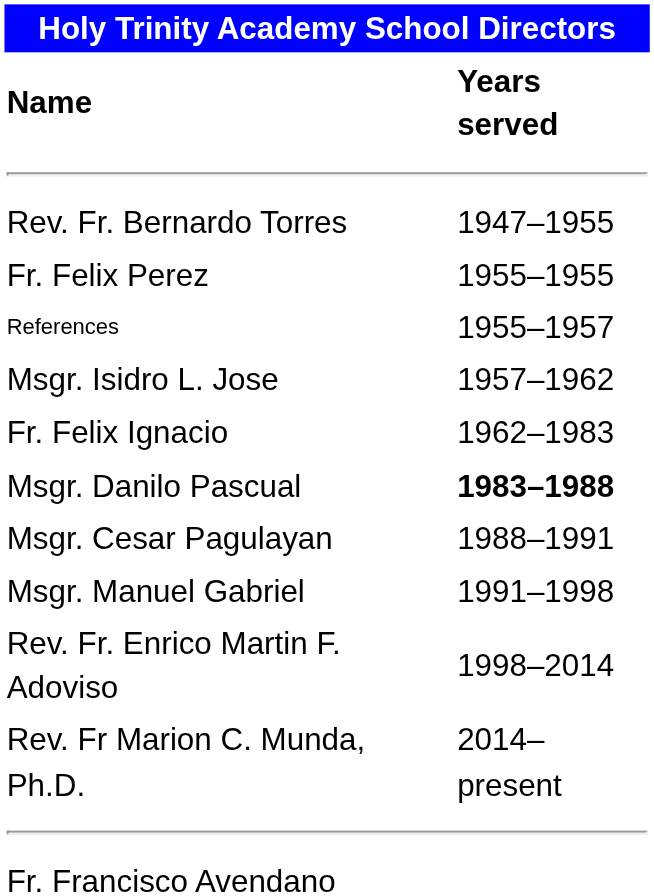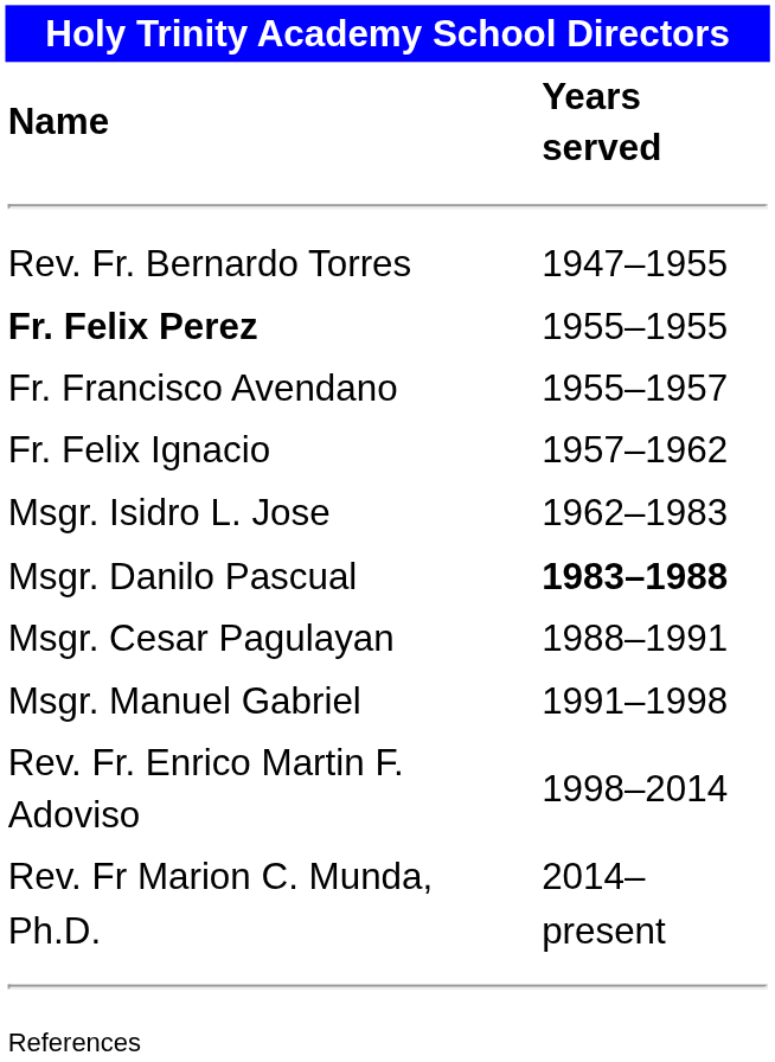 <table class="toccolours" style="float:right; margin-left:1em; font-size:90%; line-height:1.4em; width:300px;">
 <tr>
 <th colspan="2" style="text-align:center; background:blue; color:white;"><strong>Holy Trinity Academy School Directors</strong></th>
 </tr>
 <tr>
 <td><strong>Name</strong></td>
 <td><strong>Years served</strong></td>
 </tr>
 <tr>
 <td colspan="2"><hr></td>
 </tr>
 <tr>
 <td>Rev. Fr. Bernardo Torres</td>
 <td>1947–1955</td>
 </tr>
 <tr>
-<td>Fr. Felix Perez</td>
+<td><strong>Fr. Felix Perez</strong></td>
 <td>1955–1955</td>
 </tr>
 <tr>
-<td style="font-size:70%">References</td>
+<td>Fr. Francisco Avendano</td>
 <td>1955–1957</td>
 </tr>
 <tr>
-<td>Msgr. Isidro L. Jose</td>
+<td>Fr. Felix Ignacio</td>
 <td>1957–1962</td>
 </tr>
 <tr>
-<td>Fr. Felix Ignacio</td>
+<td>Msgr. Isidro L. Jose</td>
 <td>1962–1983</td>
 </tr>
 <tr>
 <td>Msgr. Danilo Pascual</td>
 <td><strong>1983–1988</strong></td>
 </tr>
 <tr>
 <td>Msgr. Cesar Pagulayan</td>
 <td>1988–1991</td>
 </tr>
 <tr>
 <td>Msgr. Manuel Gabriel</td>
 <td>1991–1998</td>
 </tr>
 <tr>
 <td>Rev. Fr. Enrico Martin F. Adoviso</td>
 <td>1998–2014</td>
 </tr>
 <tr>
 <td>Rev. Fr Marion C. Munda, Ph.D.</td>
 <td>2014–present</td>
 </tr>
 <tr>
 <td colspan="2"><hr></td>
 </tr>
 <tr>
-<td>Fr. Francisco Avendano</td>
+<td style="font-size:70%">References</td>
 <td></td>
 </tr>
 </table>
